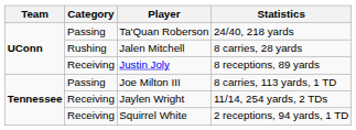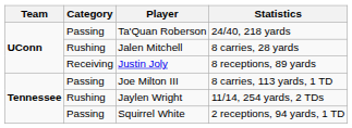 <table class="wikitable" style="float: right;">
 <tr>
 <th>Team</th>
 <th>Category</th>
 <th>Player</th>
 <th>Statistics</th>
 </tr>
 <tr>
 <td rowspan=3><strong>UConn</strong></td>
 <td>Passing</td>
 <td>Ta'Quan Roberson</td>
 <td>24/40, 218 yards</td>
 </tr>
 <tr>
 <td>Rushing</td>
 <td>Jalen Mitchell</td>
 <td>8 carries, 28 yards</td>
 </tr>
 <tr>
 <td>Receiving</td>
 <td><a href='#'>Justin Joly</a></td>
 <td>8 receptions, 89 yards</td>
 </tr>
 <tr>
 <td rowspan=3><strong>Tennessee</strong></td>
 <td>Passing</td>
 <td>Joe Milton III</td>
 <td>8 carries, 113 yards, 1 TD</td>
 </tr>
 <tr>
-<td>Receiving</td>
+<td>Rushing</td>
 <td>Jaylen Wright</td>
 <td>11/14, 254 yards, 2 TDs</td>
 </tr>
 <tr>
-<td>Receiving</td>
+<td>Passing</td>
 <td>Squirrel White</td>
 <td>2 receptions, 94 yards, 1 TD</td>
 </tr>
 </table>
